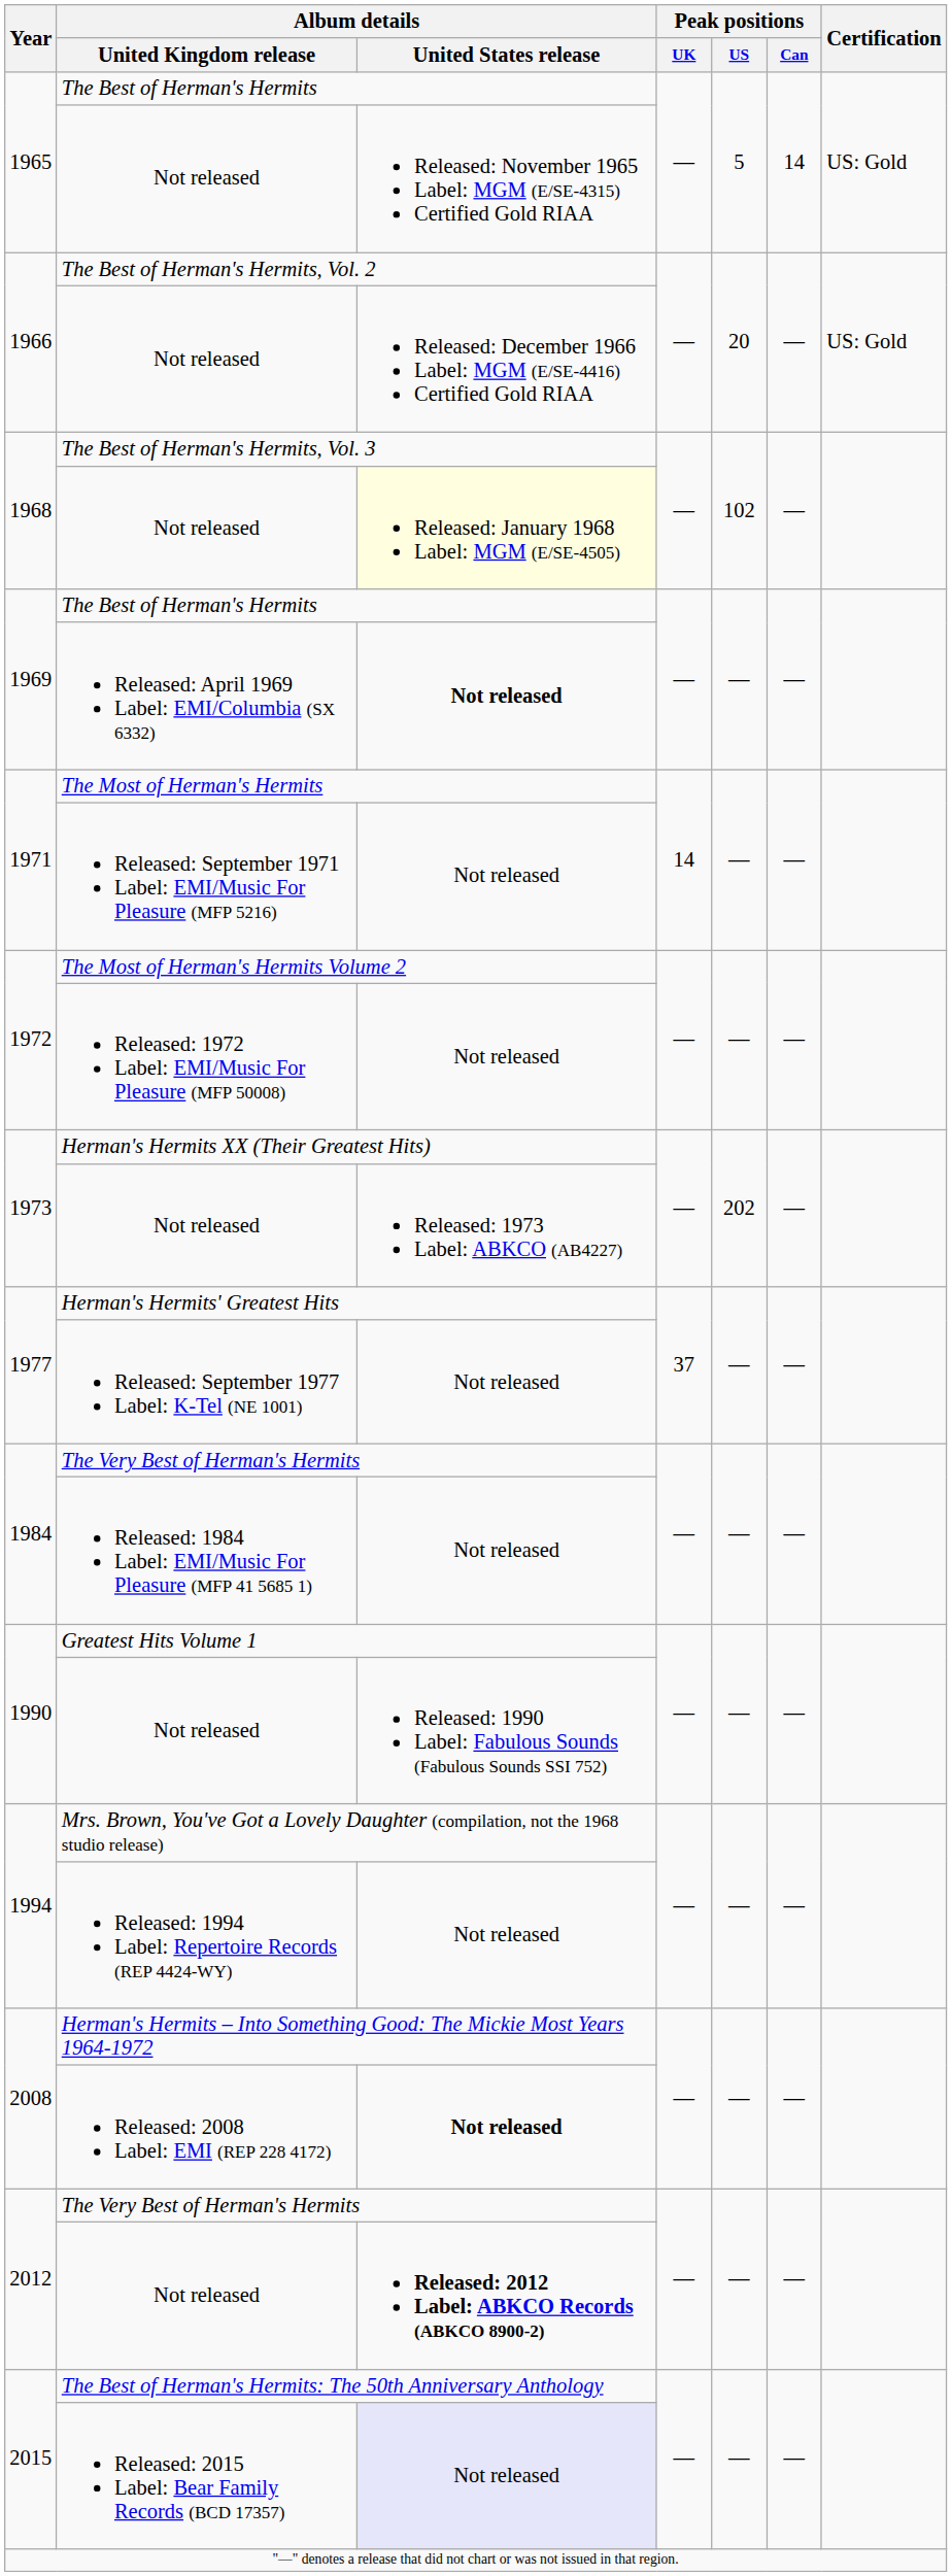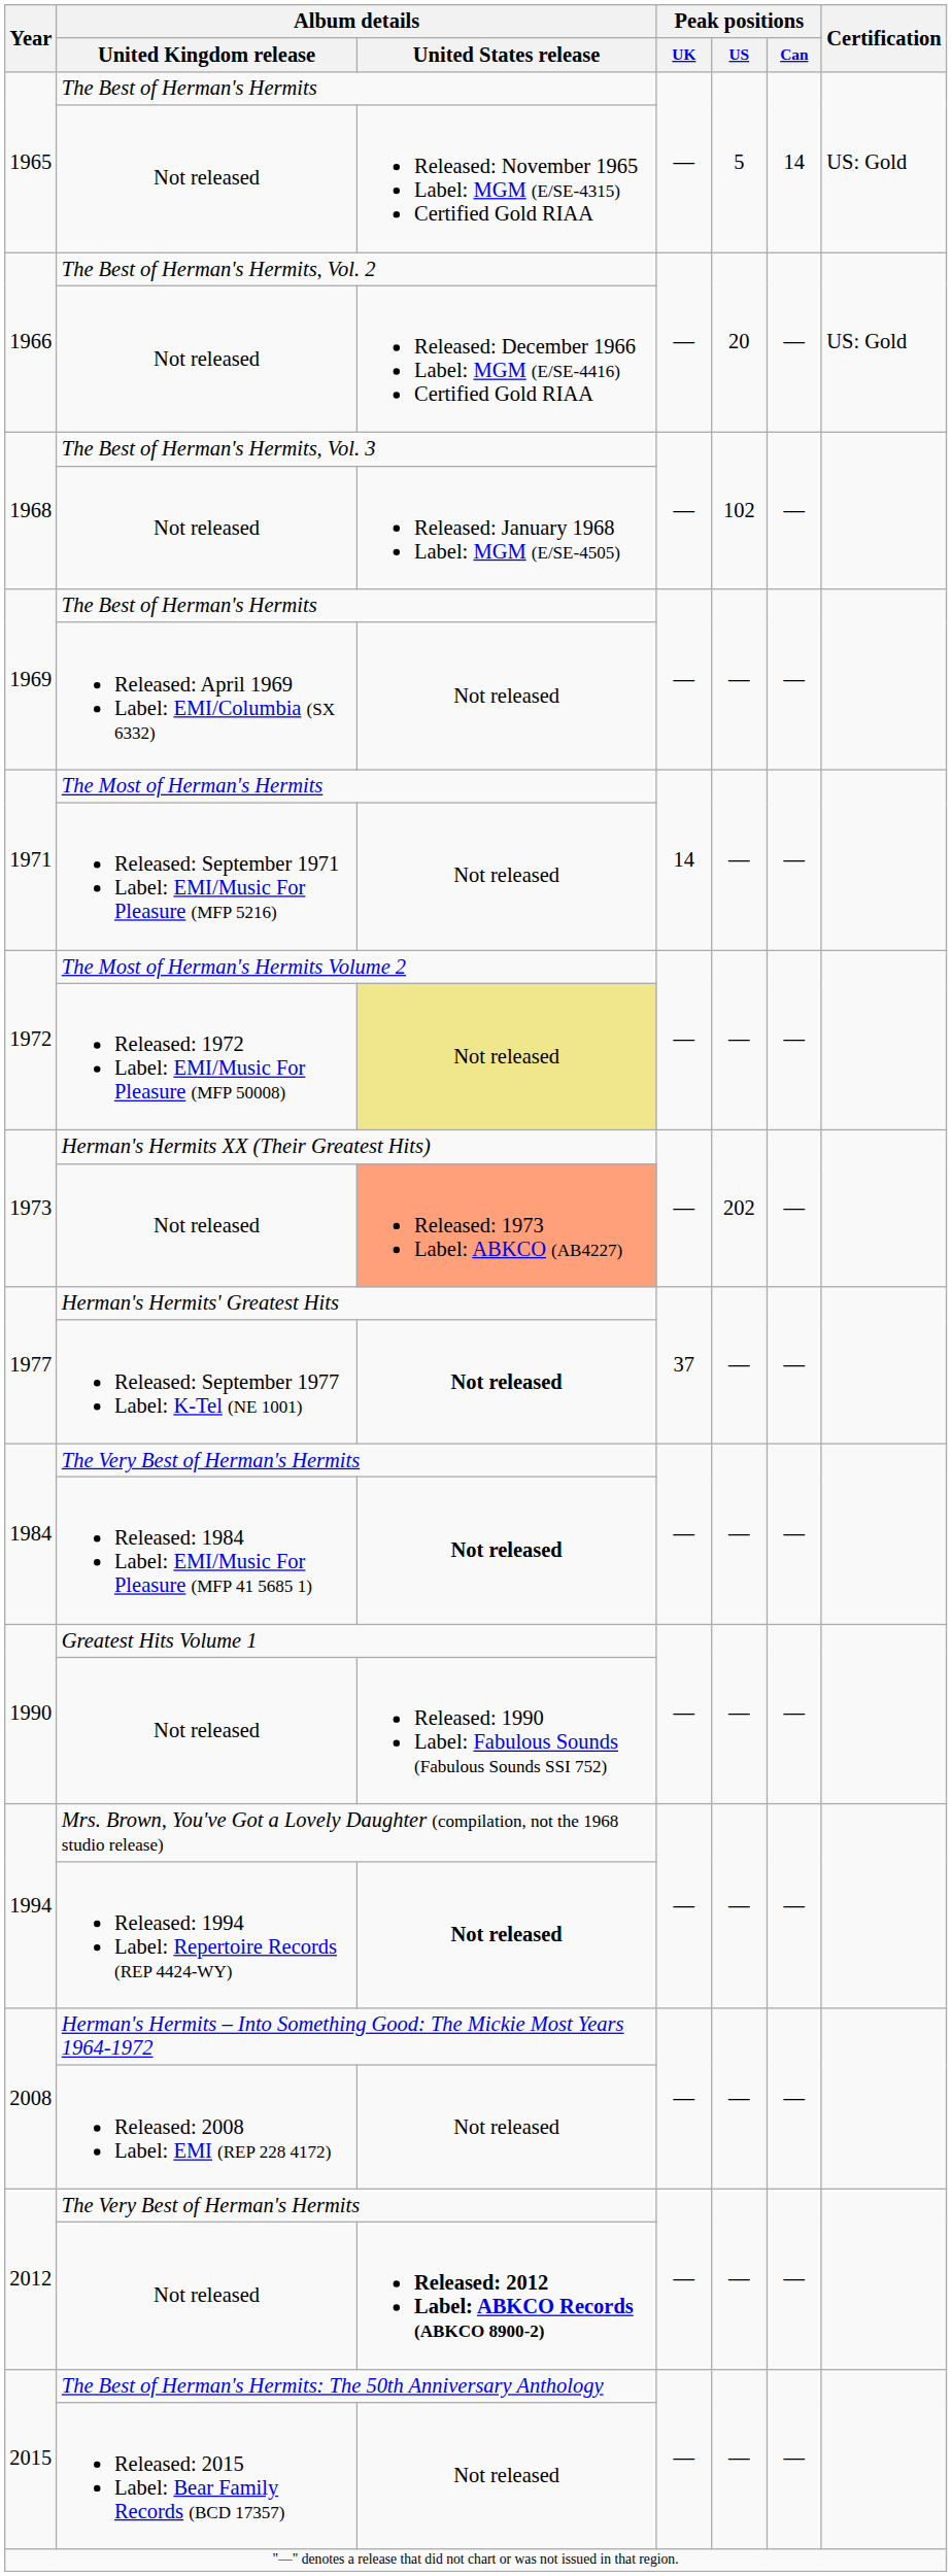 <table class="wikitable">
 <tr>
 <th rowspan="2" width="20">Year</th>
 <th colspan="2">Album details</th>
 <th colspan="3">Peak positions</th>
 <th rowspan="2">Certification</th>
 </tr>
 <tr>
 <th width="220">United Kingdom release</th>
 <th width="220">United States release</th>
 <th style="width:3em;font-size:75%"><a href='#'>UK</a></th>
 <th style="width:3em;font-size:75%"><a href='#'>US</a></th>
 <th style="width:3em;font-size:75%"><a href='#'>Can</a></th>
 </tr>
 <tr>
 <td rowspan="2">1965</td>
 <td colspan="2"><em>The Best of Herman's Hermits</em></td>
 <td align="center" rowspan="2">—</td>
 <td align="center" rowspan="2">5</td>
 <td align="center" rowspan="2">14</td>
 <td rowspan="2">US: Gold</td>
 </tr>
 <tr>
 <td align="center">Not released</td>
 <td><br><ul><li>Released: November 1965</li><li>Label: <a href='#'>MGM</a> <small>(E/SE-4315)</small></li><li>Certified Gold RIAA </li></ul></td>
 </tr>
 <tr>
 <td rowspan="2">1966</td>
 <td colspan="2"><em>The Best of Herman's Hermits, Vol. 2</em></td>
 <td align="center" rowspan="2">—</td>
 <td align="center" rowspan="2">20</td>
 <td align="center" rowspan="2">—</td>
 <td rowspan="2">US: Gold</td>
 </tr>
 <tr>
 <td align="center">Not released</td>
 <td><br><ul><li>Released: December 1966</li><li>Label: <a href='#'>MGM</a> <small>(E/SE-4416)</small></li><li>Certified Gold RIAA </li></ul></td>
 </tr>
 <tr>
 <td rowspan="2">1968</td>
 <td colspan="2"><em>The Best of Herman's Hermits, Vol. 3</em></td>
 <td align="center" rowspan="2">—</td>
 <td align="center" rowspan="2">102</td>
 <td align="center" rowspan="2">—</td>
 <td rowspan="2"></td>
 </tr>
 <tr>
 <td align="center">Not released</td>
-<td style="background: lightyellow;"><br><ul><li>Released: January 1968</li><li>Label: <a href='#'>MGM</a> <small>(E/SE-4505)</small></li></ul></td>
+<td><br><ul><li>Released: January 1968</li><li>Label: <a href='#'>MGM</a> <small>(E/SE-4505)</small></li></ul></td>
 </tr>
 <tr>
 <td rowspan="2">1969</td>
 <td colspan="2"><em>The Best of Herman's Hermits</em></td>
 <td align="center" rowspan="2">—</td>
 <td align="center" rowspan="2">—</td>
 <td align="center" rowspan="2">—</td>
 <td rowspan="2"></td>
 </tr>
 <tr>
 <td><br><ul><li>Released: April 1969</li><li>Label: <a href='#'>EMI/Columbia</a> <small>(SX 6332)</small></li></ul></td>
-<td align="center"><strong>Not released</strong></td>
+<td align="center">Not released</td>
 </tr>
 <tr>
 <td rowspan="2">1971</td>
 <td colspan="2"><em><a href='#'>The Most of Herman's Hermits</a></em></td>
 <td align="center" rowspan="2">14</td>
 <td align="center" rowspan="2">—</td>
 <td align="center" rowspan="2">—</td>
 <td rowspan="2"></td>
 </tr>
 <tr>
 <td><br><ul><li>Released: September 1971</li><li>Label: <a href='#'>EMI/Music For Pleasure</a> <small>(MFP 5216)</small></li></ul></td>
 <td align="center">Not released</td>
 </tr>
 <tr>
 <td rowspan="2">1972</td>
 <td colspan="2"><em><a href='#'>The Most of Herman's Hermits Volume 2</a></em></td>
 <td align="center" rowspan="2">—</td>
 <td align="center" rowspan="2">—</td>
 <td align="center" rowspan="2">—</td>
 <td rowspan="2"></td>
 </tr>
 <tr>
 <td><br><ul><li>Released: 1972</li><li>Label: <a href='#'>EMI/Music For Pleasure</a> <small>(MFP 50008)</small></li></ul></td>
-<td align="center">Not released</td>
+<td align="center" style="background: khaki;">Not released</td>
 </tr>
 <tr>
 <td rowspan="2">1973</td>
 <td colspan="2"><em>Herman's Hermits XX (Their Greatest Hits)</em></td>
 <td align="center" rowspan="2">—</td>
 <td align="center" rowspan="2">202</td>
 <td align="center" rowspan="2">—</td>
 <td rowspan="2"></td>
 </tr>
 <tr>
 <td align="center">Not released</td>
-<td><br><ul><li>Released: 1973</li><li>Label: <a href='#'>ABKCO</a> <small>(AB4227)</small></li></ul></td>
+<td style="background: lightsalmon;"><br><ul><li>Released: 1973</li><li>Label: <a href='#'>ABKCO</a> <small>(AB4227)</small></li></ul></td>
 </tr>
 <tr>
 <td rowspan="2">1977</td>
 <td colspan="2"><em>Herman's Hermits' Greatest Hits</em></td>
 <td align="center" rowspan="2">37</td>
 <td align="center" rowspan="2">—</td>
 <td align="center" rowspan="2">—</td>
 <td rowspan="2"></td>
 </tr>
 <tr>
 <td><br><ul><li>Released: September 1977</li><li>Label: <a href='#'>K-Tel</a> <small>(NE 1001)</small></li></ul></td>
-<td align="center">Not released</td>
+<td align="center"><strong>Not released</strong></td>
 </tr>
 <tr>
 <td rowspan="2">1984</td>
 <td colspan="2"><em><a href='#'>The Very Best of Herman's Hermits</a></em></td>
 <td align="center" rowspan="2">—</td>
 <td align="center" rowspan="2">—</td>
 <td align="center" rowspan="2">—</td>
 <td rowspan="2"></td>
 </tr>
 <tr>
 <td><br><ul><li>Released: 1984</li><li>Label: <a href='#'>EMI/Music For Pleasure</a> <small>(MFP 41 5685 1)</small></li></ul></td>
-<td align="center">Not released</td>
+<td align="center"><strong>Not released</strong></td>
 </tr>
 <tr>
 <td rowspan="2">1990</td>
 <td colspan="2"><em>Greatest Hits Volume 1</em></td>
 <td align="center" rowspan="2">—</td>
 <td align="center" rowspan="2">—</td>
 <td align="center" rowspan="2">—</td>
 <td rowspan="2"></td>
 </tr>
 <tr>
 <td align="center">Not released</td>
 <td><br><ul><li>Released: 1990</li><li>Label: <a href='#'>Fabulous Sounds</a> <small>(Fabulous Sounds SSI 752)</small></li></ul></td>
 </tr>
 <tr>
 <td rowspan="2">1994</td>
 <td colspan="2"><em>Mrs. Brown, You've Got a Lovely Daughter</em> <small>(compilation, not the 1968 studio release)</small></td>
 <td align="center" rowspan="2">—</td>
 <td align="center" rowspan="2">—</td>
 <td align="center" rowspan="2">—</td>
 <td rowspan="2"></td>
 </tr>
 <tr>
 <td><br><ul><li>Released: 1994</li><li>Label: <a href='#'>Repertoire Records</a> <small>(REP 4424-WY)</small></li></ul></td>
-<td align="center">Not released</td>
+<td align="center"><strong>Not released</strong></td>
 </tr>
 <tr>
 <td rowspan="2">2008</td>
 <td colspan="2"><em><a href='#'>Herman's Hermits – Into Something Good: The Mickie Most Years 1964-1972</a></em></td>
 <td align="center" rowspan="2">—</td>
 <td align="center" rowspan="2">—</td>
 <td align="center" rowspan="2">—</td>
 <td rowspan="2"></td>
 </tr>
 <tr>
 <td><br><ul><li>Released: 2008</li><li>Label: <a href='#'>EMI</a> <small>(REP 228 4172)</small></li></ul></td>
-<td align="center"><strong>Not released</strong></td>
+<td align="center">Not released</td>
 </tr>
 <tr>
 <td rowspan="2">2012</td>
 <td colspan="2"><em>The Very Best of Herman's Hermits</em></td>
 <td align="center" rowspan="2">—</td>
 <td align="center" rowspan="2">—</td>
 <td align="center" rowspan="2">—</td>
 <td rowspan="2"></td>
 </tr>
 <tr>
 <td align="center">Not released</td>
 <td><strong><br><ul><li>Released: 2012</li><li>Label: <a href='#'>ABKCO Records</a> <small>(ABKCO 8900-2)</small></li></ul></strong></td>
 </tr>
 <tr>
 <td rowspan="2">2015</td>
 <td colspan="2"><em><a href='#'>The Best of Herman's Hermits: The 50th Anniversary Anthology</a></em></td>
 <td align="center" rowspan="2">—</td>
 <td align="center" rowspan="2">—</td>
 <td align="center" rowspan="2">—</td>
 <td rowspan="2"></td>
 </tr>
 <tr>
 <td><br><ul><li>Released: 2015</li><li>Label: <a href='#'>Bear Family Records</a> <small>(BCD 17357)</small></li></ul></td>
-<td align="center" style="background: lavender;">Not released</td>
+<td align="center">Not released</td>
 </tr>
 <tr>
 <td colspan="8" align="center" style="font-size: 8pt">"—" denotes a release that did not chart or was not issued in that region.</td>
 </tr>
 </table>
